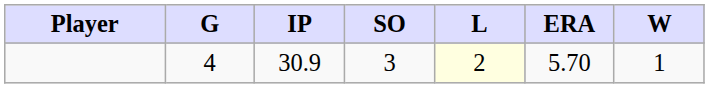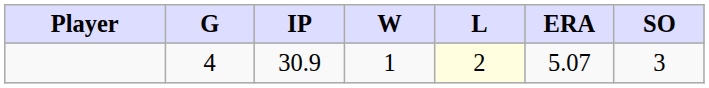 <table class="wikitable sortable">
 <tr>
 <th style="background:#ddf; width:16%;">Player</th>
 <th style="background:#ddf; width:9%;">G</th>
 <th style="background:#ddf; width:9%;">IP</th>
-<th style="background:#ddf; width:9%;">SO</th>
+<th style="background:#ddf; width:9%;">W</th>
 <th style="background:#ddf; width:9%;">L</th>
 <th style="background:#ddf; width:9%;">ERA</th>
-<th style="background:#ddf; width:9%;">W</th>
+<th style="background:#ddf; width:9%;">SO</th>
 </tr>
 <tr style="text-align:center;">
 <td></td>
 <td>4</td>
 <td>30.9</td>
+<td>1</td>
+<td style="background: lightyellow;">2</td>
+<td>5.07</td>
 <td>3</td>
-<td style="background: lightyellow;">2</td>
-<td>5.70</td>
-<td>1</td>
 </tr>
 </table>
